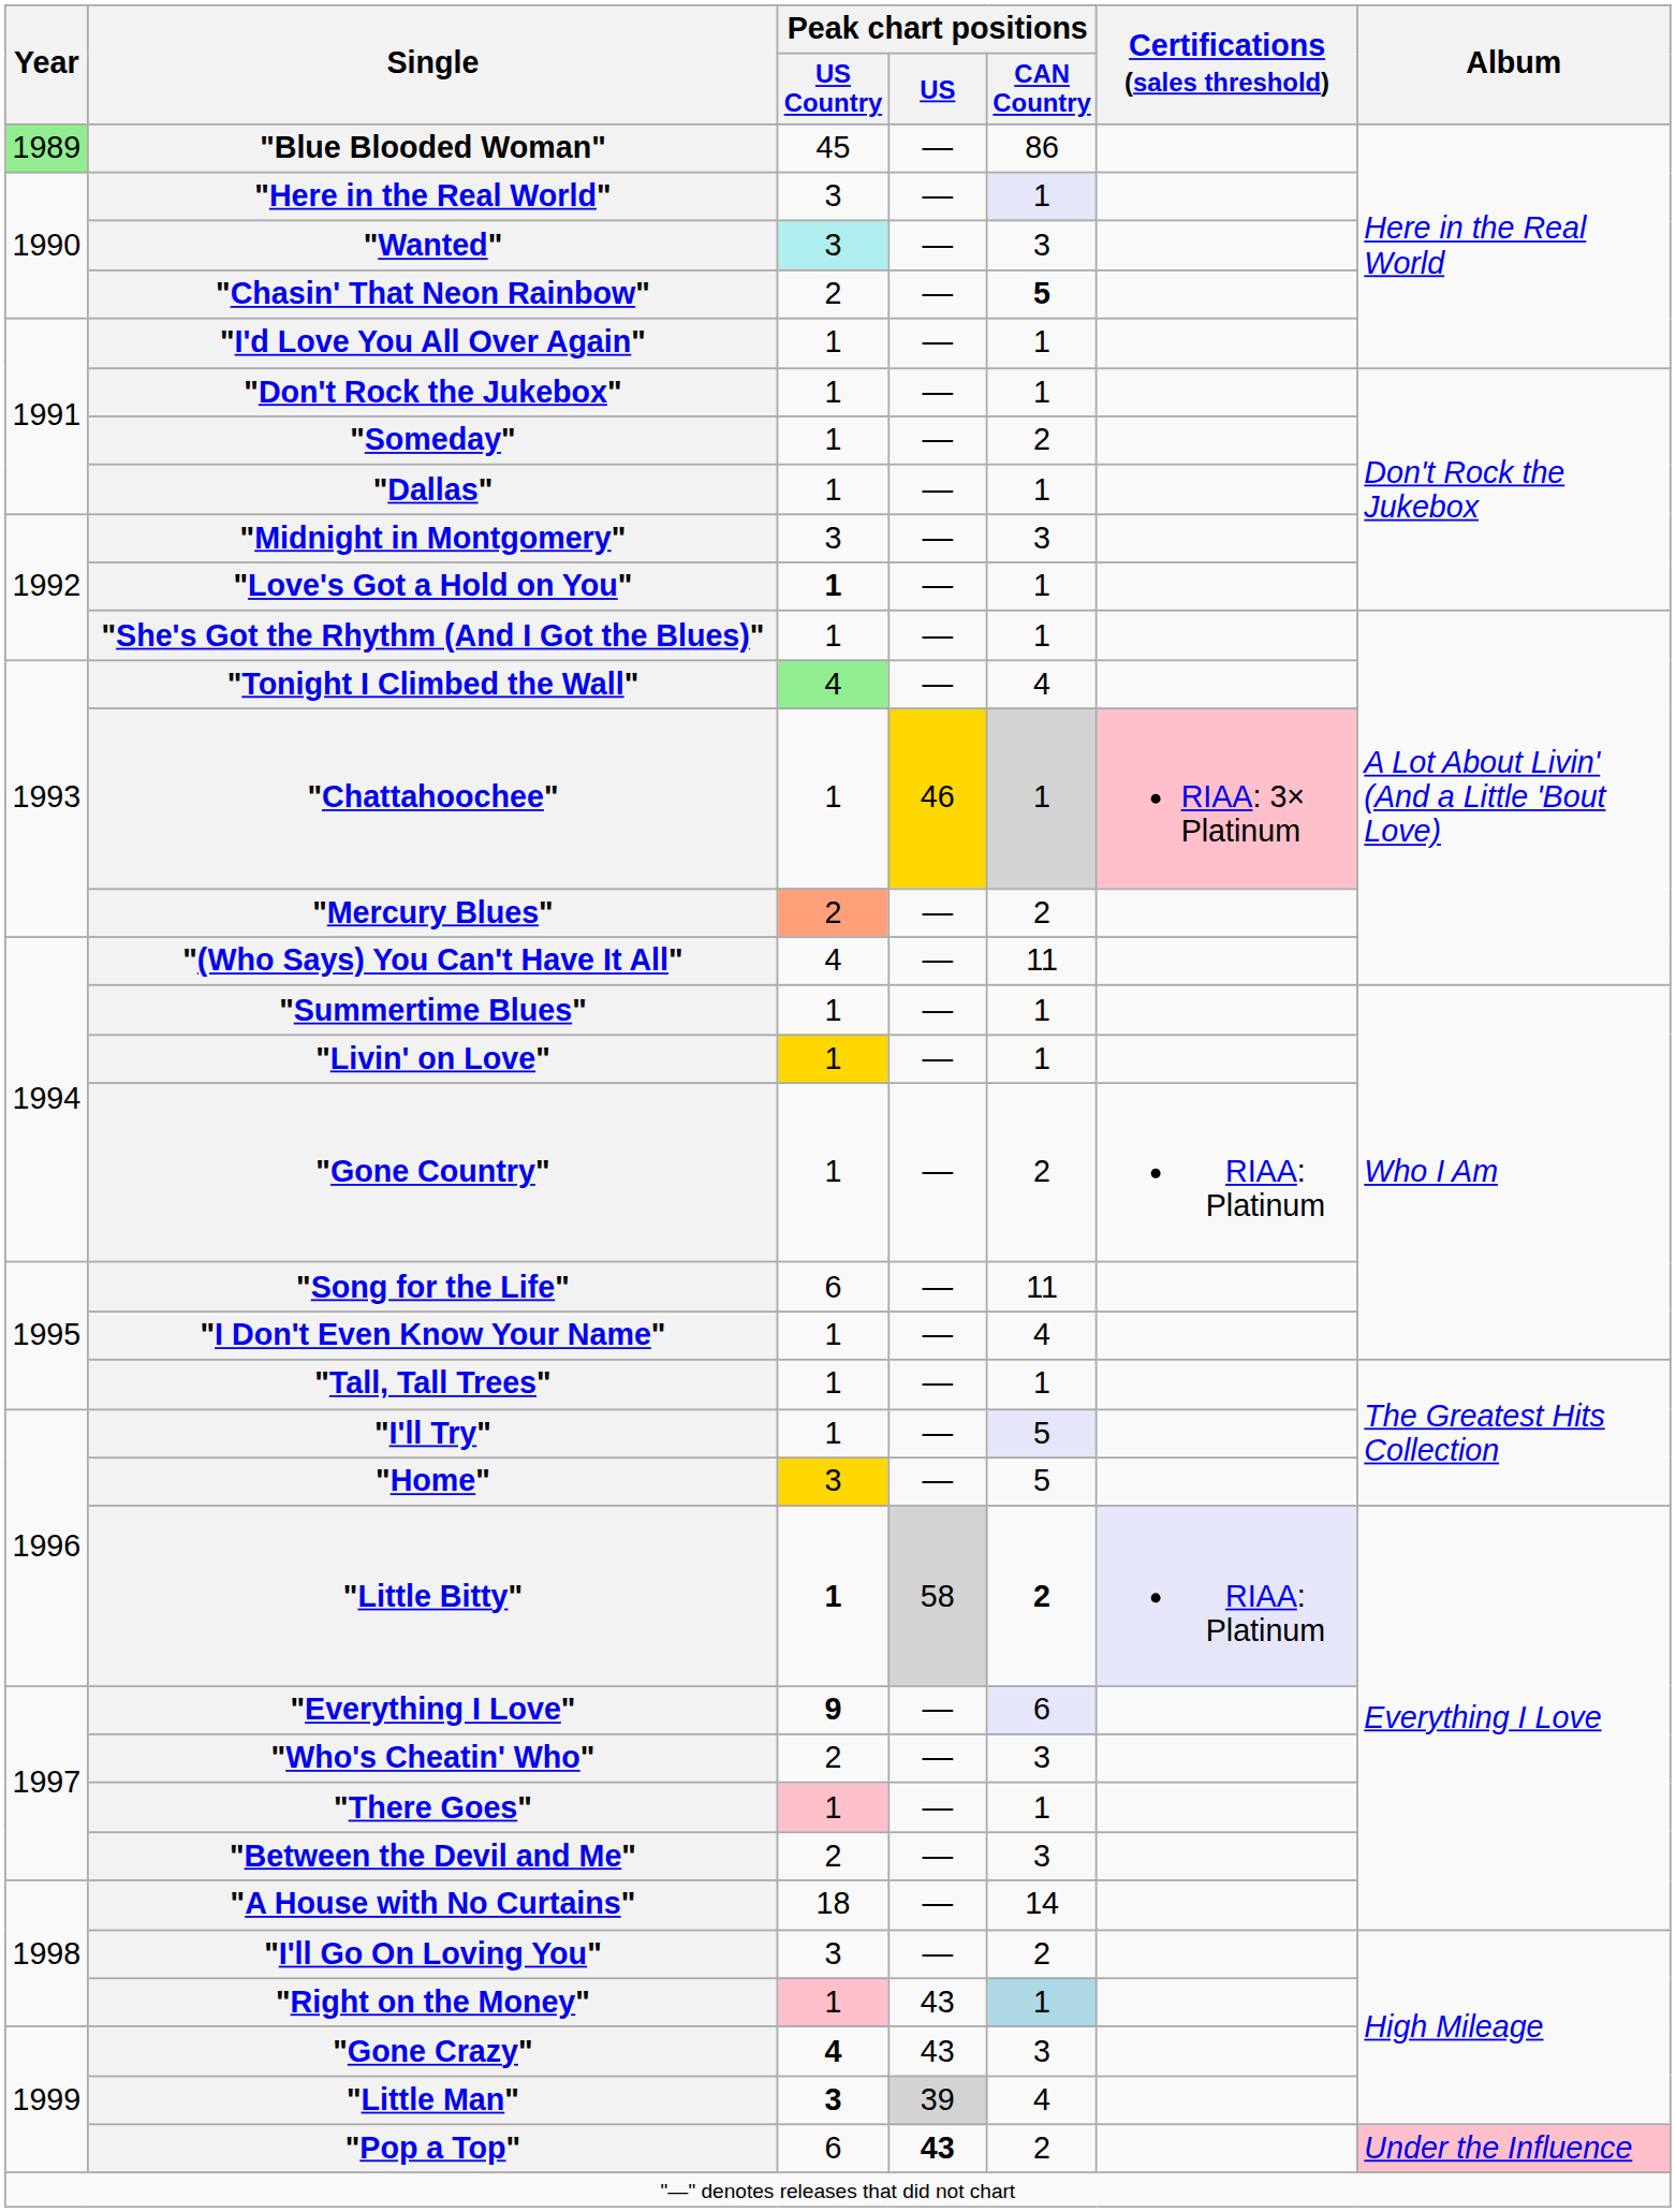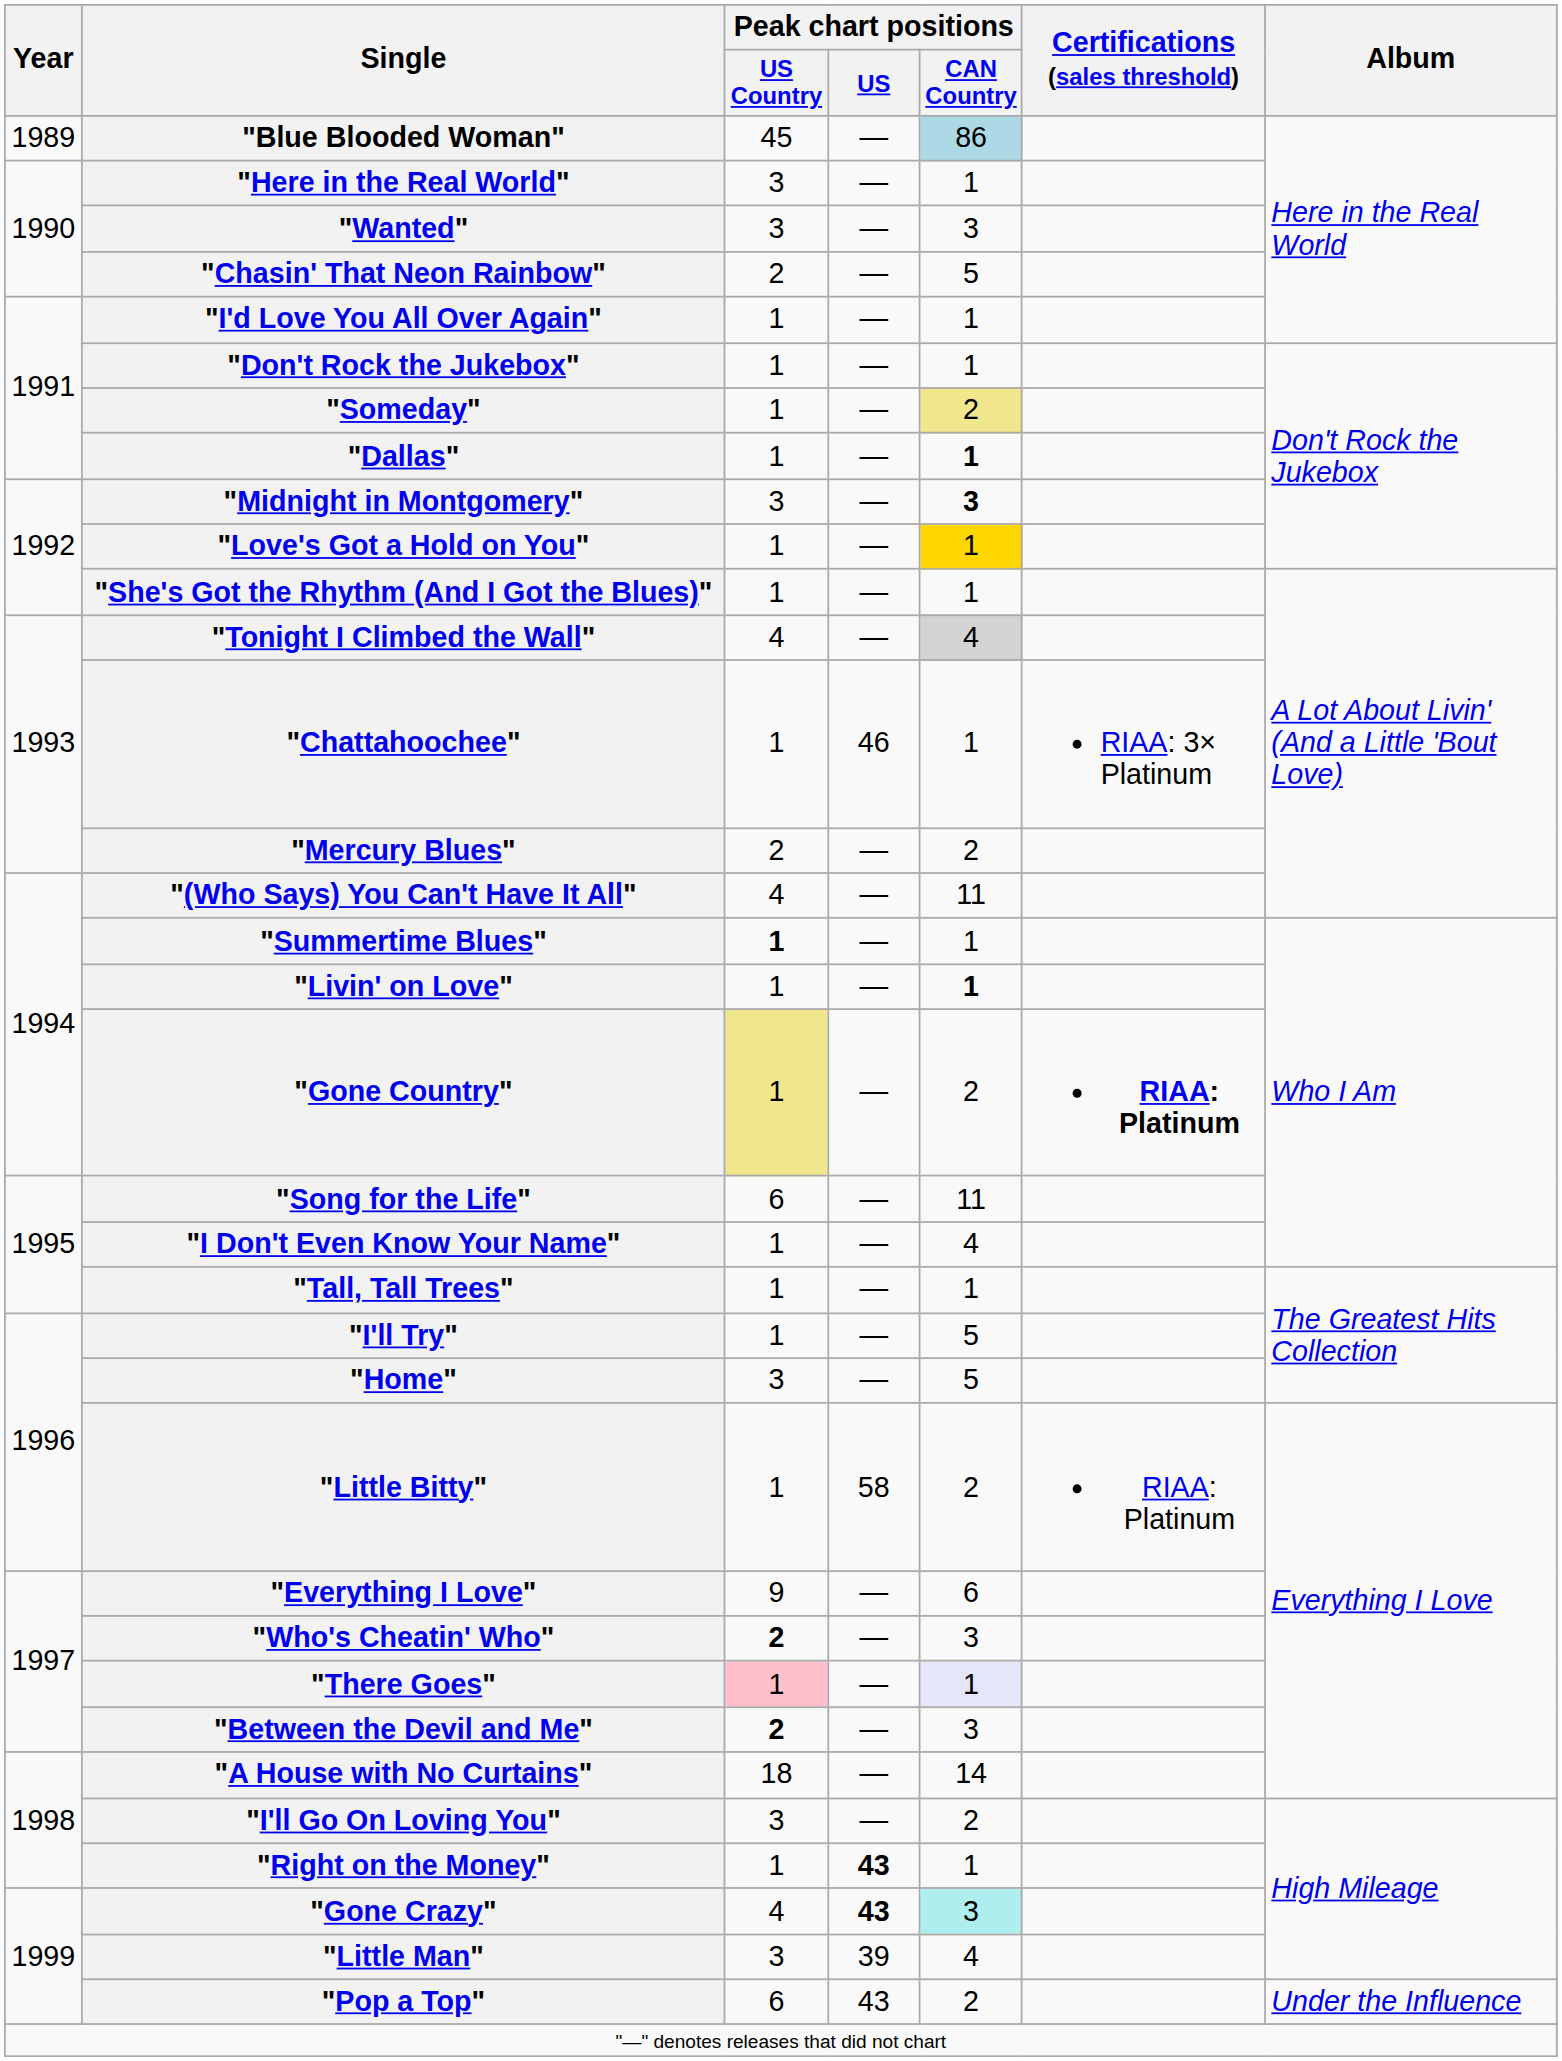 <table class="wikitable plainrowheaders" style="text-align:center;">
 <tr>
 <th rowspan="2">Year</th>
 <th rowspan="2" style="width:22em;">Single</th>
 <th colspan="3">Peak chart positions</th>
 <th rowspan="2" style="width:8em;"><a href='#'>Certifications</a><br><small>(<a href='#'>sales threshold</a>)</small></th>
 <th rowspan="2">Album</th>
 </tr>
 <tr style="font-size:smaller;">
 <th width="45"><a href='#'>US Country</a><br></th>
 <th width="45"><a href='#'>US</a><br></th>
 <th width="45"><a href='#'>CAN Country</a><br></th>
 </tr>
 <tr>
-<td style="background: lightgreen;">1989</td>
+<td>1989</td>
 <th scope="row">"Blue Blooded Woman"</th>
 <td>45</td>
 <td>—</td>
-<td>86</td>
+<td style="background: lightblue;">86</td>
 <td></td>
 <td align="left" rowspan="5"><em><a href='#'>Here in the Real World</a></em></td>
 </tr>
 <tr>
 <td rowspan="3">1990</td>
 <th scope="row">"<a href='#'>Here in the Real World</a>"</th>
 <td>3</td>
 <td>—</td>
-<td style="background: lavender;">1</td>
+<td>1</td>
 <td></td>
 </tr>
 <tr>
 <th scope="row">"<a href='#'>Wanted</a>"</th>
-<td style="background: paleturquoise;">3</td>
+<td>3</td>
 <td>—</td>
 <td>3</td>
 <td></td>
 </tr>
 <tr>
 <th scope="row">"<a href='#'>Chasin' That Neon Rainbow</a>"</th>
 <td>2</td>
 <td>—</td>
-<td><strong>5</strong></td>
+<td>5</td>
 <td></td>
 </tr>
 <tr>
 <td rowspan="4">1991</td>
 <th scope="row">"<a href='#'>I'd Love You All Over Again</a>"</th>
 <td>1</td>
 <td>—</td>
 <td>1</td>
 <td></td>
 </tr>
 <tr>
 <th scope="row">"<a href='#'>Don't Rock the Jukebox</a>"</th>
 <td>1</td>
 <td>—</td>
 <td>1</td>
 <td></td>
 <td align="left" rowspan="5"><em><a href='#'>Don't Rock the Jukebox</a></em></td>
 </tr>
 <tr>
 <th scope="row">"<a href='#'>Someday</a>"</th>
 <td>1</td>
 <td>—</td>
-<td>2</td>
+<td style="background: khaki;">2</td>
 <td></td>
 </tr>
 <tr>
 <th scope="row">"<a href='#'>Dallas</a>"</th>
 <td>1</td>
 <td>—</td>
-<td>1</td>
+<td><strong>1</strong></td>
 <td></td>
 </tr>
 <tr>
 <td rowspan="3">1992</td>
 <th scope="row">"<a href='#'>Midnight in Montgomery</a>"</th>
 <td>3</td>
 <td>—</td>
-<td>3</td>
+<td><strong>3</strong></td>
 <td></td>
 </tr>
 <tr>
 <th scope="row">"<a href='#'>Love's Got a Hold on You</a>"</th>
-<td><strong>1</strong></td>
+<td>1</td>
 <td>—</td>
-<td>1</td>
+<td style="background: gold;">1</td>
 <td></td>
 </tr>
 <tr>
 <th scope="row">"<a href='#'>She's Got the Rhythm (And I Got the Blues)</a>"</th>
 <td>1</td>
 <td>—</td>
 <td>1</td>
 <td></td>
 <td align="left" rowspan="5"><em><a href='#'>A Lot About Livin'<br>(And a Little 'Bout Love)</a></em></td>
 </tr>
 <tr>
 <td rowspan="3">1993</td>
 <th scope="row">"<a href='#'>Tonight I Climbed the Wall</a>"</th>
-<td style="background: lightgreen;">4</td>
+<td>4</td>
 <td>—</td>
-<td>4</td>
+<td style="background: lightgrey;">4</td>
 <td></td>
 </tr>
 <tr>
 <th scope="row">"<a href='#'>Chattahoochee</a>"</th>
 <td>1</td>
-<td style="background: gold;">46</td>
-<td style="background: lightgrey;">1</td>
-<td align="left" style="background: pink;"><br><ul><li><a href='#'>RIAA</a>: 3× Platinum</li></ul></td>
+<td>46</td>
+<td>1</td>
+<td align="left"><br><ul><li><a href='#'>RIAA</a>: 3× Platinum</li></ul></td>
 </tr>
 <tr>
 <th scope="row">"<a href='#'>Mercury Blues</a>"</th>
-<td style="background: lightsalmon;">2</td>
+<td>2</td>
 <td>—</td>
 <td>2</td>
 <td></td>
 </tr>
 <tr>
 <td rowspan="4">1994</td>
 <th scope="row">"<a href='#'>(Who Says) You Can't Have It All</a>"</th>
 <td>4</td>
 <td>—</td>
 <td>11</td>
 <td></td>
 </tr>
 <tr>
 <th scope="row">"<a href='#'>Summertime Blues</a>"</th>
-<td>1</td>
+<td><strong>1</strong></td>
 <td>—</td>
 <td>1</td>
 <td></td>
 <td align="left" rowspan="5"><em><a href='#'>Who I Am</a></em></td>
 </tr>
 <tr>
 <th scope="row">"<a href='#'>Livin' on Love</a>"</th>
-<td style="background: gold;">1</td>
+<td>1</td>
 <td>—</td>
-<td>1</td>
+<td><strong>1</strong></td>
 <td></td>
 </tr>
 <tr>
 <th scope="row">"<a href='#'>Gone Country</a>"</th>
-<td>1</td>
+<td style="background: khaki;">1</td>
 <td>—</td>
 <td>2</td>
-<td><br><ul><li><a href='#'>RIAA</a>: Platinum</li></ul></td>
+<td><strong><br><ul><li><a href='#'>RIAA</a>: Platinum</li></ul></strong></td>
 </tr>
 <tr>
 <td rowspan="3">1995</td>
 <th scope="row">"<a href='#'>Song for the Life</a>"</th>
 <td>6</td>
 <td>—</td>
 <td>11</td>
 <td></td>
 </tr>
 <tr>
 <th scope="row">"<a href='#'>I Don't Even Know Your Name</a>"</th>
 <td>1</td>
 <td>—</td>
 <td>4</td>
 <td></td>
 </tr>
 <tr>
 <th scope="row">"<a href='#'>Tall, Tall Trees</a>"</th>
 <td>1</td>
 <td>—</td>
 <td>1</td>
 <td></td>
 <td align="left" rowspan="3"><em><a href='#'>The Greatest Hits Collection</a></em></td>
 </tr>
 <tr>
 <td rowspan="3">1996</td>
 <th scope="row">"<a href='#'>I'll Try</a>"</th>
 <td>1</td>
 <td>—</td>
-<td style="background: lavender;">5</td>
+<td>5</td>
 <td></td>
 </tr>
 <tr>
 <th scope="row">"<a href='#'>Home</a>"</th>
-<td style="background: gold;">3</td>
+<td>3</td>
 <td>—</td>
 <td>5</td>
 <td></td>
 </tr>
 <tr>
 <th scope="row">"<a href='#'>Little Bitty</a>"</th>
-<td><strong>1</strong></td>
-<td style="background: lightgrey;">58</td>
-<td><strong>2</strong></td>
-<td style="background: lavender;"><br><ul><li><a href='#'>RIAA</a>: Platinum</li></ul></td>
+<td>1</td>
+<td>58</td>
+<td>2</td>
+<td><br><ul><li><a href='#'>RIAA</a>: Platinum</li></ul></td>
 <td align="left" rowspan="6"><em><a href='#'>Everything I Love</a></em></td>
 </tr>
 <tr>
 <td rowspan="4">1997</td>
 <th scope="row">"<a href='#'>Everything I Love</a>"</th>
-<td><strong>9</strong></td>
+<td>9</td>
 <td>—</td>
-<td style="background: lavender;">6</td>
+<td>6</td>
 <td></td>
 </tr>
 <tr>
 <th scope="row">"<a href='#'>Who's Cheatin' Who</a>"</th>
-<td>2</td>
+<td><strong>2</strong></td>
 <td>—</td>
 <td>3</td>
 <td></td>
 </tr>
 <tr>
 <th scope="row">"<a href='#'>There Goes</a>"</th>
 <td style="background: pink;">1</td>
 <td>—</td>
-<td>1</td>
+<td style="background: lavender;">1</td>
 <td></td>
 </tr>
 <tr>
 <th scope="row">"<a href='#'>Between the Devil and Me</a>"</th>
-<td>2</td>
+<td><strong>2</strong></td>
 <td>—</td>
 <td>3</td>
 <td></td>
 </tr>
 <tr>
 <td rowspan="3">1998</td>
 <th scope="row">"<a href='#'>A House with No Curtains</a>"</th>
 <td>18</td>
 <td>—</td>
 <td>14</td>
 <td></td>
 </tr>
 <tr>
 <th scope="row">"<a href='#'>I'll Go On Loving You</a>"</th>
 <td>3</td>
 <td>—</td>
 <td>2</td>
 <td></td>
 <td align="left" rowspan="4"><em><a href='#'>High Mileage</a></em></td>
 </tr>
 <tr>
 <th scope="row">"<a href='#'>Right on the Money</a>"</th>
-<td style="background: pink;">1</td>
-<td>43</td>
-<td style="background: lightblue;">1</td>
+<td>1</td>
+<td><strong>43</strong></td>
+<td>1</td>
 <td></td>
 </tr>
 <tr>
 <td rowspan="3">1999</td>
 <th scope="row">"<a href='#'>Gone Crazy</a>"</th>
-<td><strong>4</strong></td>
-<td>43</td>
-<td>3</td>
+<td>4</td>
+<td><strong>43</strong></td>
+<td style="background: paleturquoise;">3</td>
 <td></td>
 </tr>
 <tr>
 <th scope="row">"<a href='#'>Little Man</a>"</th>
-<td><strong>3</strong></td>
-<td style="background: lightgrey;">39</td>
+<td>3</td>
+<td>39</td>
 <td>4</td>
 <td></td>
 </tr>
 <tr>
 <th scope="row">"<a href='#'>Pop a Top</a>"</th>
 <td>6</td>
-<td><strong>43</strong></td>
+<td>43</td>
 <td>2</td>
 <td></td>
-<td align="left" style="background: pink;"><em><a href='#'>Under the Influence</a></em></td>
+<td align="left"><em><a href='#'>Under the Influence</a></em></td>
 </tr>
 <tr>
 <td colspan="10" style="font-size:8pt">"—" denotes releases that did not chart</td>
 </tr>
 </table>
